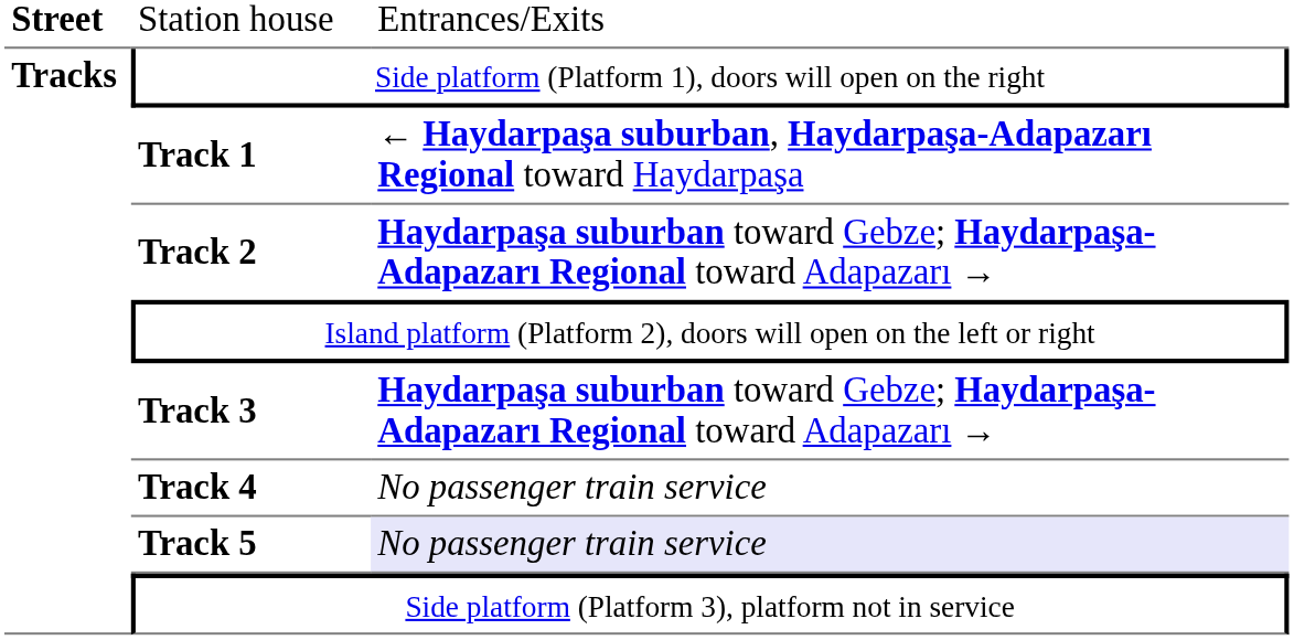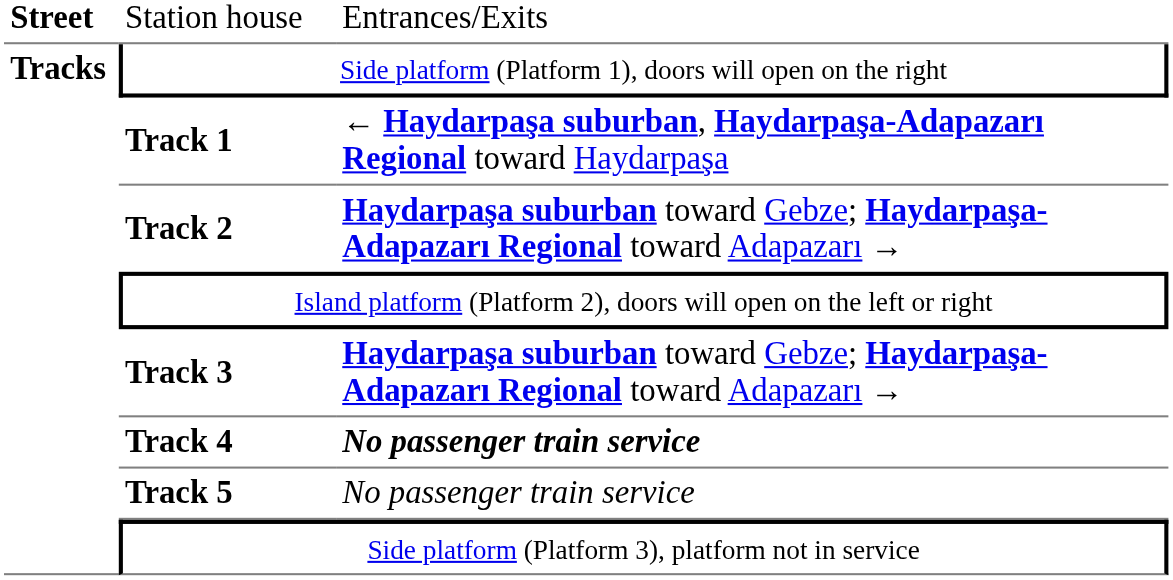 <table cellspacing="0" cellpadding="3">
 <tr>
 <td style="border-bottom:solid 1px gray;vertical-align:top;" width=50><strong>Street</strong></td>
 <td style="border-bottom:solid 1px gray;vertical-align:top;" width=100>Station house</td>
 <td style="border-bottom:solid 1px gray;vertical-align:top;" width=400>Entrances/Exits</td>
 </tr>
 <tr>
 <td style="border-bottom:solid 1px gray;vertical-align:top;" rowspan=8><strong>Tracks</strong></td>
 <td style="border-top:solid 0px gray;border-right:solid 2px black;border-left:solid 2px black;border-bottom:solid 2px black;text-align:center;" colspan=2><small><a href='#'>Side platform</a> (Platform 1), doors will open on the right</small></td>
 </tr>
 <tr>
 <td style="border-bottom:solid 1px gray;"><strong>Track 1</strong></td>
 <td style="border-bottom:solid 1px gray;">← <strong><a href='#'>Haydarpaşa suburban</a></strong>, <strong><a href='#'>Haydarpaşa-Adapazarı Regional</a></strong> toward <a href='#'>Haydarpaşa</a></td>
 </tr>
 <tr>
 <td><strong>Track 2</strong></td>
 <td> <strong><a href='#'>Haydarpaşa suburban</a></strong> toward <a href='#'>Gebze</a>; <strong><a href='#'>Haydarpaşa-Adapazarı Regional</a></strong> toward <a href='#'>Adapazarı</a> →</td>
 </tr>
 <tr>
 <td style="border-top:solid 2px black;border-right:solid 2px black;border-left:solid 2px black;border-bottom:solid 2px black;text-align:center;" colspan=2><small><a href='#'>Island platform</a> (Platform 2), doors will open on the left or right </small></td>
 </tr>
 <tr>
 <td style="border-bottom:solid 1px gray;"><strong>Track 3</strong></td>
 <td style="border-bottom:solid 1px gray;"><strong><a href='#'>Haydarpaşa suburban</a></strong> toward <a href='#'>Gebze</a>; <strong><a href='#'>Haydarpaşa-Adapazarı Regional</a></strong> toward <a href='#'>Adapazarı</a> →</td>
 </tr>
 <tr>
 <td style="border-bottom:solid 1px gray;"><strong>Track 4</strong></td>
-<td style="border-bottom:solid 1px gray;"><em>No passenger train service</em></td>
+<td style="border-bottom:solid 1px gray;"><strong><em>No passenger train service</em></strong></td>
 </tr>
 <tr>
 <td style="border-bottom:solid 1px gray;"><strong>Track 5</strong></td>
-<td style="background: lavender; border-bottom:solid 1px gray;"><em>No passenger train service</em></td>
+<td style="border-bottom:solid 1px gray;"><em>No passenger train service</em></td>
 </tr>
 <tr>
 <td style="border-top:solid 2px black;border-right:solid 2px black;border-left:solid 2px black;border-bottom:solid 1px gray;text-align:center;" colspan=2><small><a href='#'>Side platform</a> (Platform 3), platform not in service</small></td>
 </tr>
 </table>
